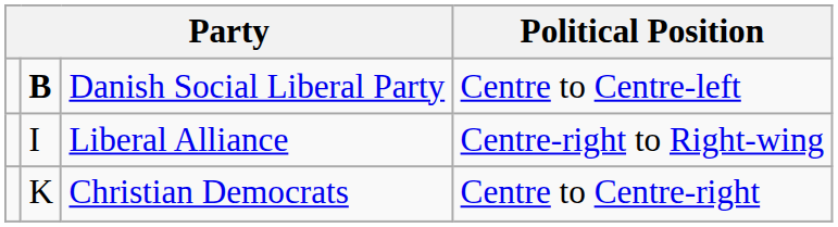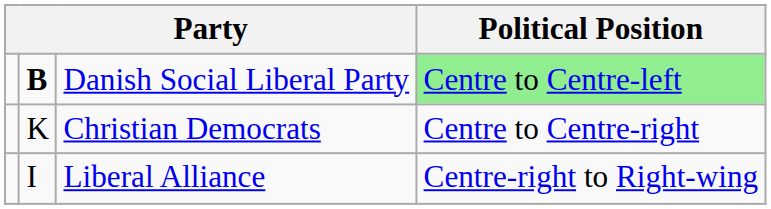 <table class="wikitable mw-collapsible mw-collapsed">
 <tr>
 <th colspan="3">Party</th>
 <th>Political Position</th>
 </tr>
 <tr>
 <td></td>
 <td><strong>B</strong></td>
 <td><a href='#'>Danish Social Liberal Party</a></td>
-<td><a href='#'>Centre</a> to <a href='#'>Centre-left</a></td>
+<td style="background: lightgreen;"><a href='#'>Centre</a> to <a href='#'>Centre-left</a></td>
+</tr>
+<tr>
+<td></td>
+<td>K</td>
+<td><a href='#'>Christian Democrats</a></td>
+<td><a href='#'>Centre</a> to <a href='#'>Centre-right</a></td>
 </tr>
 <tr>
 <td></td>
 <td>I</td>
 <td><a href='#'>Liberal Alliance</a></td>
 <td><a href='#'>Centre-right</a> to <a href='#'>Right-wing</a></td>
 </tr>
-<tr>
-<td></td>
-<td>K</td>
-<td><a href='#'>Christian Democrats</a></td>
-<td><a href='#'>Centre</a> to <a href='#'>Centre-right</a></td>
-</tr>
 </table>
